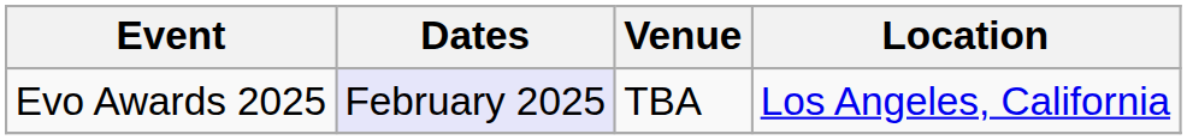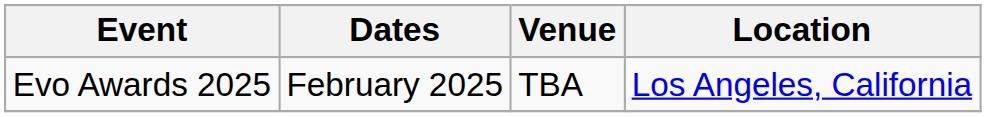 <table class="wikitable sortable">
 <tr>
 <th>Event</th>
 <th>Dates</th>
 <th>Venue</th>
 <th>Location</th>
 </tr>
 <tr>
 <td>Evo Awards 2025</td>
-<td style="background: lavender;">February 2025</td>
+<td>February 2025</td>
 <td>TBA</td>
 <td><a href='#'>Los Angeles, California</a></td>
 </tr>
 <tr>
 </tr>
 </table>
